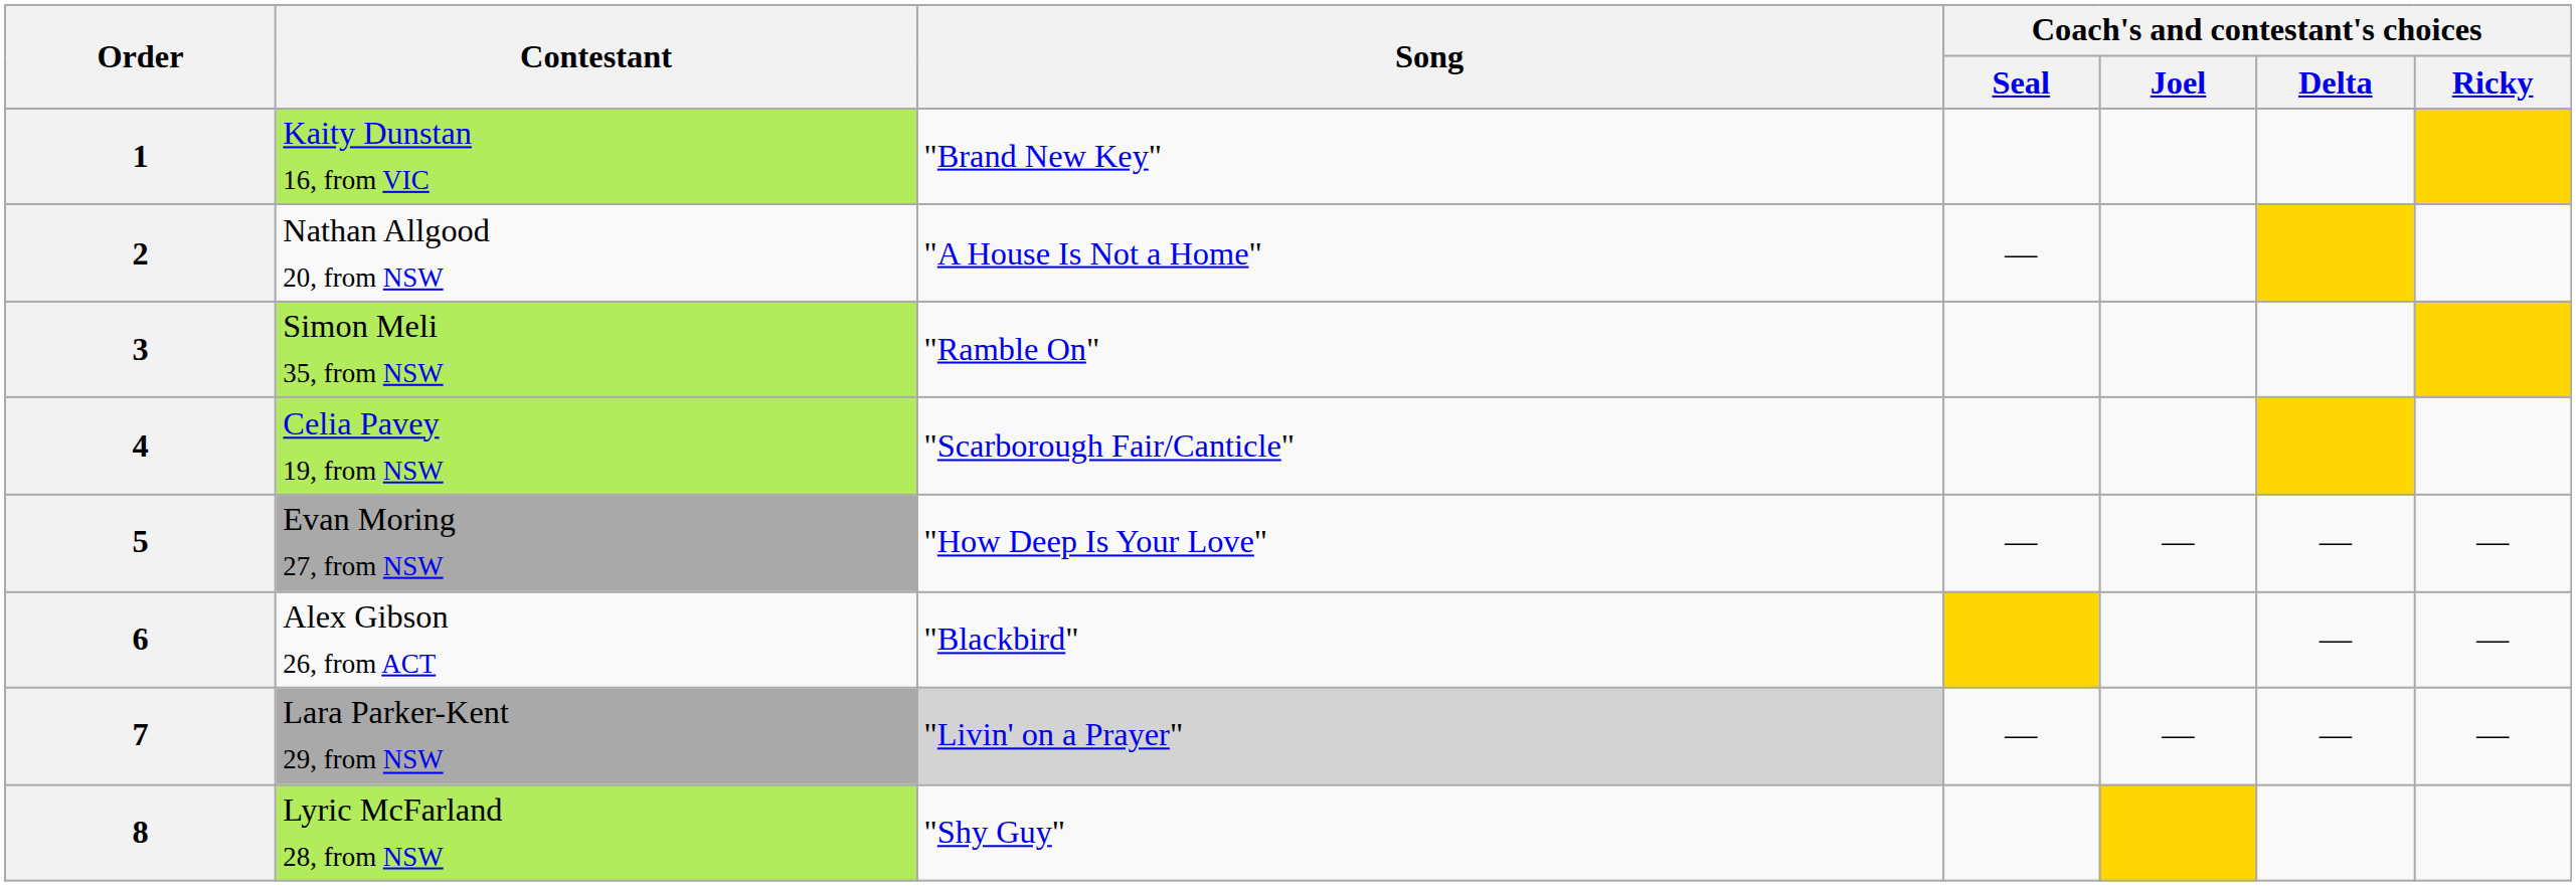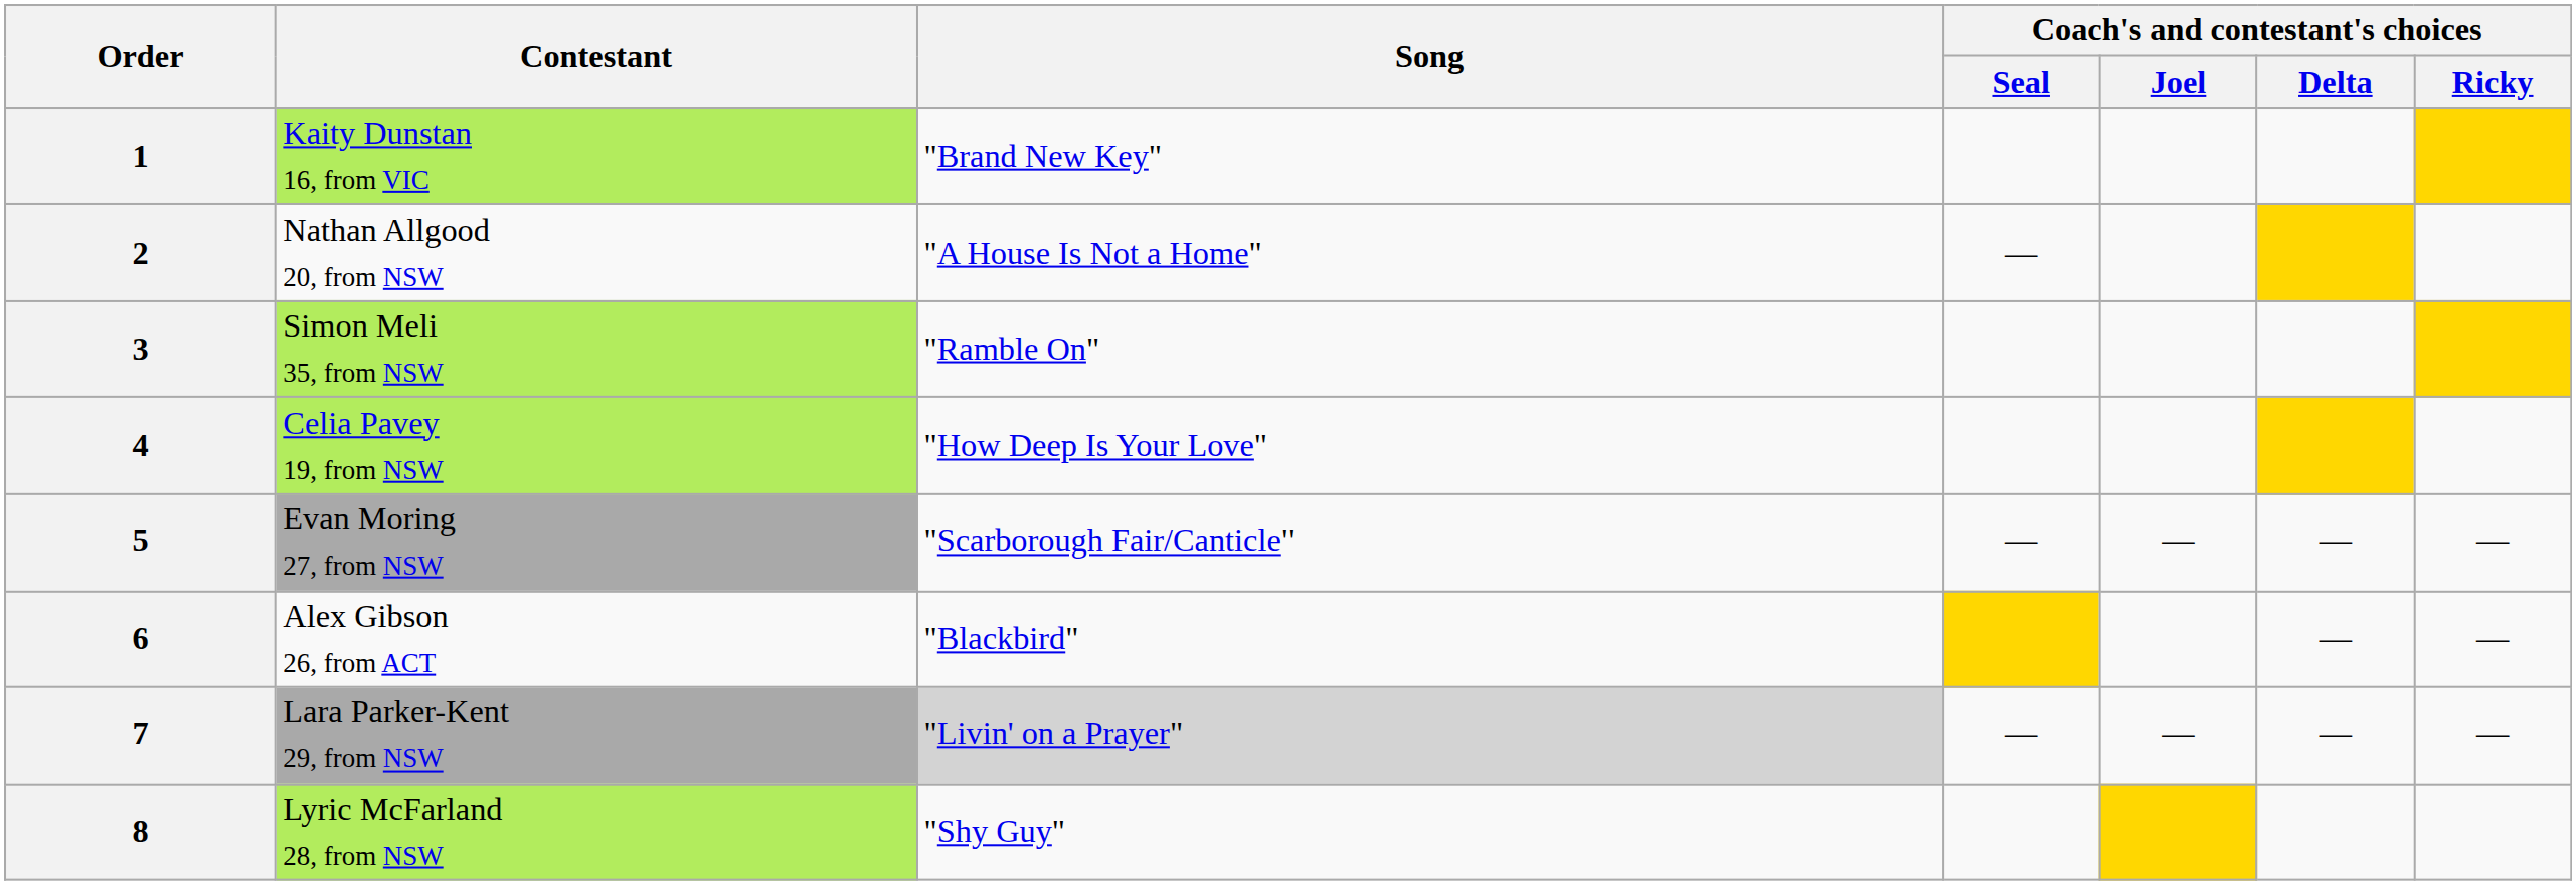 <table class="wikitable" style="width:100%;">
 <tr>
 <th rowspan=2>Order</th>
 <th rowspan=2>Contestant</th>
 <th rowspan=2>Song</th>
 <th colspan=4>Coach's and contestant's choices</th>
 </tr>
 <tr>
 <th width="70"><a href='#'>Seal</a></th>
 <th width="70"><a href='#'>Joel</a></th>
 <th width="70"><a href='#'>Delta</a></th>
 <th width="70"><a href='#'>Ricky</a></th>
 </tr>
 <tr>
 <th>1</th>
 <td style="background:#B2EC5D;"><a href='#'>Kaity Dunstan</a><br><sub>16, from <a href='#'>VIC</a></sub></td>
 <td>"<a href='#'>Brand New Key</a>"</td>
 <td style="text-align:center;"></td>
 <td style="text-align:center;"></td>
 <td style="text-align:center;"></td>
 <td style="background:gold;text-align:center;"></td>
 </tr>
 <tr>
 <th>2</th>
 <td>Nathan Allgood<br><sub>20, from <a href='#'>NSW</a></sub></td>
 <td>"<a href='#'>A House Is Not a Home</a>"</td>
 <td align="center">—</td>
 <td style="text-align:center;"></td>
 <td style="background:gold;text-align:center;"></td>
 <td style="text-align:center;"></td>
 </tr>
 <tr>
 <th>3</th>
 <td style="background:#B2EC5D;">Simon Meli<br><sub>35, from <a href='#'>NSW</a></sub></td>
 <td>"<a href='#'>Ramble On</a>"</td>
 <td style="text-align:center;"></td>
 <td style="text-align:center;"></td>
 <td style="text-align:center;"></td>
 <td style="background:gold;text-align:center;"></td>
 </tr>
 <tr>
 <th>4</th>
 <td style="background:#B2EC5D;"><a href='#'>Celia Pavey</a><br><sub>19, from <a href='#'>NSW</a></sub></td>
-<td>"<a href='#'>Scarborough Fair/Canticle</a>"</td>
+<td>"<a href='#'>How Deep Is Your Love</a>"</td>
 <td style="text-align:center;"></td>
 <td style="text-align:center;"></td>
 <td style="background:gold;text-align:center;"></td>
 <td style="text-align:center;"></td>
 </tr>
 <tr>
 <th>5</th>
 <td style="background:darkgrey;">Evan Moring<br><sub>27, from <a href='#'>NSW</a></sub></td>
-<td>"<a href='#'>How Deep Is Your Love</a>"</td>
+<td>"<a href='#'>Scarborough Fair/Canticle</a>"</td>
 <td align="center">—</td>
 <td align="center">—</td>
 <td align="center">—</td>
 <td align="center">—</td>
 </tr>
 <tr>
 <th>6</th>
 <td>Alex Gibson<br><sub>26, from <a href='#'>ACT</a></sub></td>
 <td>"<a href='#'>Blackbird</a>"</td>
 <td style="background:gold;text-align:center;"></td>
 <td style="text-align:center;"></td>
 <td align="center">—</td>
 <td align="center">—</td>
 </tr>
 <tr>
 <th>7</th>
 <td style="background:darkgrey;">Lara Parker-Kent<br><sub>29, from <a href='#'>NSW</a></sub></td>
 <td style="background: lightgrey;">"<a href='#'>Livin' on a Prayer</a>"</td>
 <td align="center">—</td>
 <td align="center">—</td>
 <td align="center">—</td>
 <td align="center">—</td>
 </tr>
 <tr>
 <th>8</th>
 <td style="background:#B2EC5D;">Lyric McFarland<br><sub>28, from <a href='#'>NSW</a></sub></td>
 <td>"<a href='#'>Shy Guy</a>"</td>
 <td style="text-align:center;"></td>
 <td style="background:gold;text-align:center;"></td>
 <td style="text-align:center;"></td>
 <td style="text-align:center;"></td>
 </tr>
 </table>
